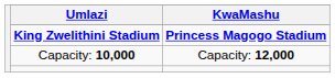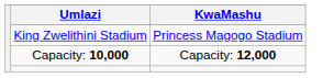 <table class=wikitable style="text-align:center">
 <tr>
 <th rowspan="6"></th>
 </tr>
 <tr>
 <th><a href='#'>Umlazi</a></th>
 <th><a href='#'>KwaMashu</a></th>
 </tr>
 <tr>
 </tr>
 <tr>
-<td><strong><a href='#'>King Zwelithini Stadium</a></strong></td>
-<td><strong><a href='#'>Princess Magogo Stadium</a></strong></td>
+<td><a href='#'>King Zwelithini Stadium</a></td>
+<td><a href='#'>Princess Magogo Stadium</a></td>
 </tr>
 <tr>
 <td>Capacity: <strong>10,000</strong></td>
 <td>Capacity: <strong>12,000</strong></td>
 </tr>
 <tr>
 <td></td>
 <td></td>
 </tr>
 </table>
